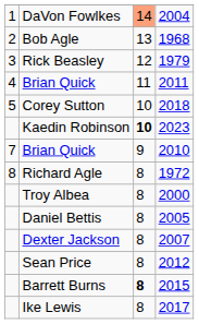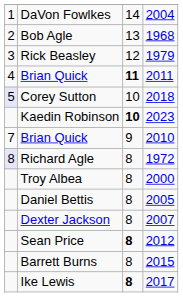 <table class="wikitable">
 <tr>
 </tr>
 <tr>
 <td>1</td>
 <td>DaVon Fowlkes</td>
-<td style="background: lightsalmon;">14</td>
+<td>14</td>
 <td><a href='#'>2004</a></td>
 </tr>
 <tr>
 <td>2</td>
 <td>Bob Agle</td>
 <td>13</td>
 <td><a href='#'>1968</a></td>
 </tr>
 <tr>
 <td>3</td>
 <td>Rick Beasley</td>
 <td>12</td>
 <td><a href='#'>1979</a></td>
 </tr>
 <tr>
 <td>4</td>
 <td><a href='#'>Brian Quick</a></td>
-<td>11</td>
+<td><strong>11</strong></td>
 <td><a href='#'>2011</a></td>
 </tr>
 <tr>
-<td>5</td>
+<td style="background: lavender;">5</td>
 <td>Corey Sutton</td>
 <td>10</td>
 <td><a href='#'>2018</a></td>
 </tr>
 <tr>
 <td></td>
 <td>Kaedin Robinson</td>
 <td><strong>10</strong></td>
 <td><a href='#'>2023</a></td>
 </tr>
 <tr>
 <td>7</td>
 <td><a href='#'>Brian Quick</a></td>
 <td>9</td>
 <td><a href='#'>2010</a></td>
 </tr>
 <tr>
-<td>8</td>
+<td style="background: lavender;">8</td>
 <td>Richard Agle</td>
 <td>8</td>
 <td><a href='#'>1972</a></td>
 </tr>
 <tr>
 <td></td>
 <td>Troy Albea</td>
 <td>8</td>
 <td><a href='#'>2000</a></td>
 </tr>
 <tr>
 <td></td>
 <td>Daniel Bettis</td>
 <td>8</td>
 <td><a href='#'>2005</a></td>
 </tr>
 <tr>
 <td></td>
 <td><a href='#'>Dexter Jackson</a></td>
 <td>8</td>
 <td><a href='#'>2007</a></td>
 </tr>
 <tr>
 <td></td>
 <td>Sean Price</td>
-<td>8</td>
+<td><strong>8</strong></td>
 <td><a href='#'>2012</a></td>
 </tr>
 <tr>
 <td></td>
 <td>Barrett Burns</td>
-<td><strong>8</strong></td>
+<td>8</td>
 <td><a href='#'>2015</a></td>
 </tr>
 <tr>
 <td></td>
 <td>Ike Lewis</td>
-<td>8</td>
+<td><strong>8</strong></td>
 <td><a href='#'>2017</a></td>
 </tr>
 </table>
